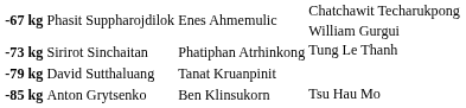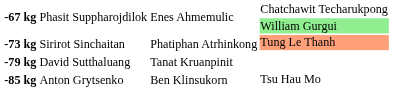 <table>
 <tr>
 <th scope=row rowspan=2>-67 kg</th>
 <td rowspan=2> Phasit Suppharojdilok</td>
 <td rowspan=2> Enes Ahmemulic</td>
 <td> Chatchawit Techarukpong</td>
 </tr>
 <tr>
-<td> William Gurgui</td>
+<td style="background: lightgreen;"> William Gurgui</td>
 </tr>
 <tr>
 <th scope=row rowspan=2>-73 kg</th>
 <td rowspan=2> Sirirot Sinchaitan</td>
 <td rowspan=2> Phatiphan Atrhinkong</td>
-<td> Tung Le Thanh</td>
+<td style="background: lightsalmon;"> Tung Le Thanh</td>
 </tr>
 <tr>
 <td></td>
 </tr>
 <tr>
 <th scope=row rowspan=2>-79 kg</th>
 <td rowspan=2> David Sutthaluang</td>
 <td rowspan=2> Tanat Kruanpinit</td>
 <td></td>
 </tr>
 <tr>
 <td></td>
 </tr>
 <tr>
 <th scope=row rowspan=2>-85 kg</th>
 <td rowspan=2> Anton Grytsenko</td>
 <td rowspan=2> Ben Klinsukorn</td>
 <td> Tsu Hau Mo</td>
 </tr>
 <tr>
 <td></td>
 </tr>
 <tr>
 </tr>
 </table>
